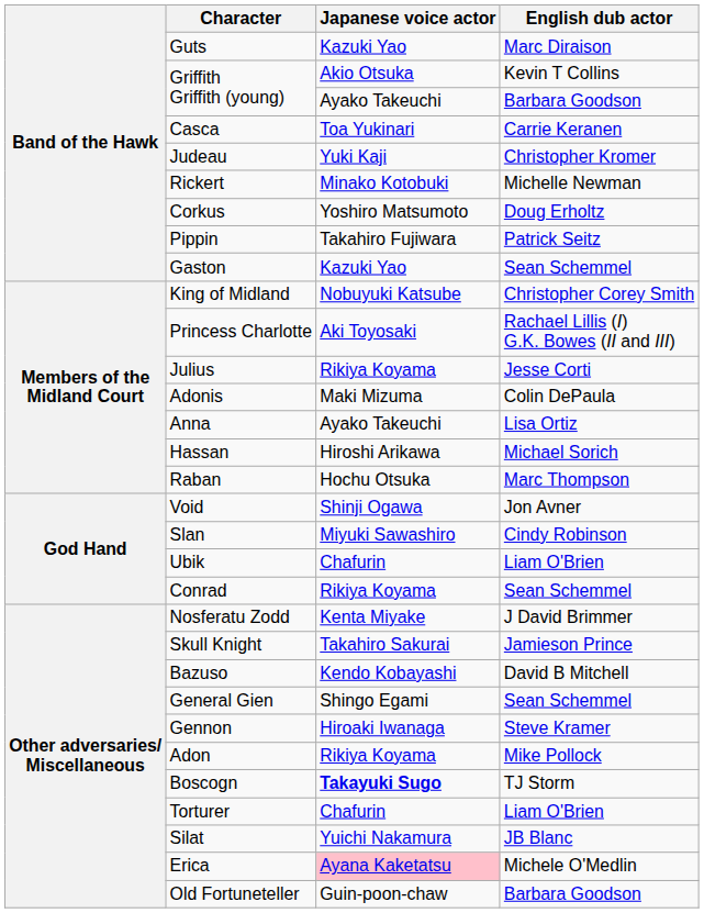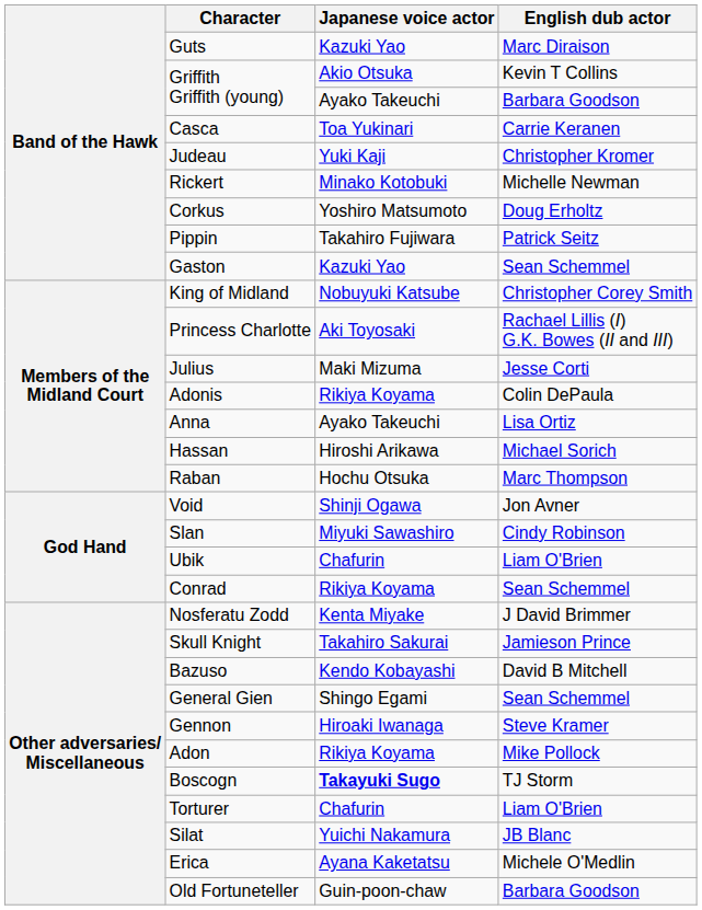 <table class="wikitable">
 <tr>
 <th rowspan="10">Band of the Hawk</th>
 <th>Character</th>
 <th>Japanese voice actor</th>
 <th>English dub actor</th>
 </tr>
 <tr>
 <td>Guts</td>
 <td><a href='#'>Kazuki Yao</a></td>
 <td><a href='#'>Marc Diraison</a></td>
 </tr>
 <tr>
 <td rowspan="2">Griffith<br>Griffith (young)</td>
 <td><a href='#'>Akio Otsuka</a></td>
 <td>Kevin T Collins</td>
 </tr>
 <tr>
 <td>Ayako Takeuchi</td>
 <td><a href='#'>Barbara Goodson</a></td>
 </tr>
 <tr>
 <td>Casca</td>
 <td><a href='#'>Toa Yukinari</a></td>
 <td><a href='#'>Carrie Keranen</a></td>
 </tr>
 <tr>
 <td>Judeau</td>
 <td><a href='#'>Yuki Kaji</a></td>
 <td><a href='#'>Christopher Kromer</a></td>
 </tr>
 <tr>
 <td>Rickert</td>
 <td><a href='#'>Minako Kotobuki</a></td>
 <td>Michelle Newman</td>
 </tr>
 <tr>
 <td>Corkus</td>
 <td>Yoshiro Matsumoto</td>
 <td><a href='#'>Doug Erholtz</a></td>
 </tr>
 <tr>
 <td>Pippin</td>
 <td>Takahiro Fujiwara</td>
 <td><a href='#'>Patrick Seitz</a></td>
 </tr>
 <tr>
 <td>Gaston</td>
 <td><a href='#'>Kazuki Yao</a></td>
 <td><a href='#'>Sean Schemmel</a></td>
 </tr>
 <tr>
 <th rowspan="7">Members of the<br>Midland Court</th>
 <td>King of Midland</td>
 <td><a href='#'>Nobuyuki Katsube</a></td>
 <td><a href='#'>Christopher Corey Smith</a></td>
 </tr>
 <tr>
 <td>Princess Charlotte</td>
 <td><a href='#'>Aki Toyosaki</a></td>
 <td><a href='#'>Rachael Lillis</a> (<em>I</em>)<br><a href='#'>G.K. Bowes</a> (<em>II</em> and <em>III</em>)</td>
 </tr>
 <tr>
 <td>Julius</td>
-<td><a href='#'>Rikiya Koyama</a></td>
+<td>Maki Mizuma</td>
 <td><a href='#'>Jesse Corti</a></td>
 </tr>
 <tr>
 <td>Adonis</td>
-<td>Maki Mizuma</td>
+<td><a href='#'>Rikiya Koyama</a></td>
 <td>Colin DePaula</td>
 </tr>
 <tr>
 <td>Anna</td>
 <td>Ayako Takeuchi</td>
 <td><a href='#'>Lisa Ortiz</a></td>
 </tr>
 <tr>
 <td>Hassan</td>
 <td>Hiroshi Arikawa</td>
 <td><a href='#'>Michael Sorich</a></td>
 </tr>
 <tr>
 <td>Raban</td>
 <td>Hochu Otsuka</td>
 <td><a href='#'>Marc Thompson</a></td>
 </tr>
 <tr>
 <th rowspan="4">God Hand</th>
 <td>Void</td>
 <td><a href='#'>Shinji Ogawa</a></td>
 <td>Jon Avner</td>
 </tr>
 <tr>
 <td>Slan</td>
 <td><a href='#'>Miyuki Sawashiro</a></td>
 <td><a href='#'>Cindy Robinson</a></td>
 </tr>
 <tr>
 <td>Ubik</td>
 <td><a href='#'>Chafurin</a></td>
 <td><a href='#'>Liam O'Brien</a></td>
 </tr>
 <tr>
 <td>Conrad</td>
 <td><a href='#'>Rikiya Koyama</a></td>
 <td><a href='#'>Sean Schemmel</a></td>
 </tr>
 <tr>
 <th rowspan="11">Other adversaries/<br>Miscellaneous</th>
 <td>Nosferatu Zodd</td>
 <td><a href='#'>Kenta Miyake</a></td>
 <td>J David Brimmer</td>
 </tr>
 <tr>
 <td>Skull Knight</td>
 <td><a href='#'>Takahiro Sakurai</a></td>
 <td><a href='#'>Jamieson Prince</a></td>
 </tr>
 <tr>
 <td>Bazuso</td>
 <td><a href='#'>Kendo Kobayashi</a></td>
 <td>David B Mitchell</td>
 </tr>
 <tr>
 <td>General Gien</td>
 <td>Shingo Egami</td>
 <td><a href='#'>Sean Schemmel</a></td>
 </tr>
 <tr>
 <td>Gennon</td>
 <td><a href='#'>Hiroaki Iwanaga</a></td>
 <td><a href='#'>Steve Kramer</a></td>
 </tr>
 <tr>
 <td>Adon</td>
 <td><a href='#'>Rikiya Koyama</a></td>
 <td><a href='#'>Mike Pollock</a></td>
 </tr>
 <tr>
 <td>Boscogn</td>
 <td><strong><a href='#'>Takayuki Sugo</a></strong></td>
 <td>TJ Storm</td>
 </tr>
 <tr>
 <td>Torturer</td>
 <td><a href='#'>Chafurin</a></td>
 <td><a href='#'>Liam O'Brien</a></td>
 </tr>
 <tr>
 <td>Silat</td>
 <td><a href='#'>Yuichi Nakamura</a></td>
 <td><a href='#'>JB Blanc</a></td>
 </tr>
 <tr>
 <td>Erica</td>
-<td style="background: pink;"><a href='#'>Ayana Kaketatsu</a></td>
+<td><a href='#'>Ayana Kaketatsu</a></td>
 <td>Michele O'Medlin</td>
 </tr>
 <tr>
 <td>Old Fortuneteller</td>
 <td>Guin-poon-chaw</td>
 <td><a href='#'>Barbara Goodson</a></td>
 </tr>
 </table>
